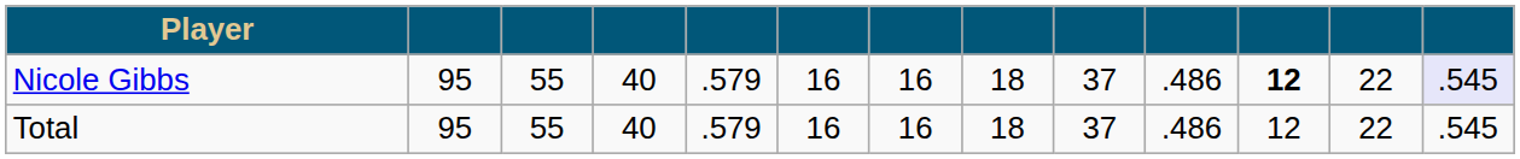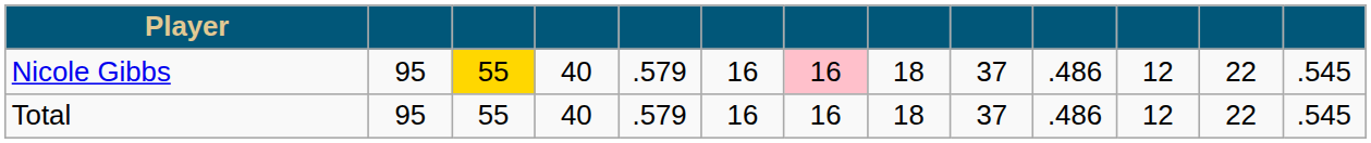 <table class="wikitable" style="text-align:center">
 <tr>
 <th style="background:#015779; color:#E2C993" width="200px">Player</th>
 <th style="background:#015779; color:#E2C993" width="40px"></th>
 <th style="background:#015779; color:#E2C993" width="40px"></th>
 <th style="background:#015779; color:#E2C993" width="40px"></th>
 <th style="background:#015779; color:#E2C993" width="40px"></th>
 <th style="background:#015779; color:#E2C993" width="40px"></th>
 <th style="background:#015779; color:#E2C993" width="40px"></th>
 <th style="background:#015779; color:#E2C993" width="40px"></th>
 <th style="background:#015779; color:#E2C993" width="40px"></th>
 <th style="background:#015779; color:#E2C993" width="40px"></th>
 <th style="background:#015779; color:#E2C993" width="40px"></th>
 <th style="background:#015779; color:#E2C993" width="40px"></th>
 <th style="background:#015779; color:#E2C993" width="40px"></th>
 </tr>
 <tr>
 <td style="text-align:left"><a href='#'>Nicole Gibbs</a></td>
 <td>95</td>
-<td>55</td>
+<td style="background: gold;">55</td>
 <td>40</td>
 <td>.579</td>
 <td>16</td>
-<td>16</td>
+<td style="background: pink;">16</td>
 <td>18</td>
 <td>37</td>
 <td>.486</td>
-<td><strong>12</strong></td>
+<td>12</td>
 <td>22</td>
-<td style="background: lavender;">.545</td>
+<td>.545</td>
 </tr>
 <tr>
 <td style="text-align:left">Total</td>
 <td>95</td>
 <td>55</td>
 <td>40</td>
 <td>.579</td>
 <td>16</td>
 <td>16</td>
 <td>18</td>
 <td>37</td>
 <td>.486</td>
 <td>12</td>
 <td>22</td>
 <td>.545</td>
 </tr>
 </table>
